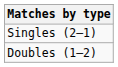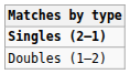 <table class="wikitable" style=font-size:90%>
 <tr>
 <th>Matches by type</th>
 </tr>
 <tr>
-<td>Singles (2–1)</td>
+<td><strong>Singles (2–1)</strong></td>
 </tr>
 <tr>
 <td>Doubles (1–2)</td>
 </tr>
 </table>
